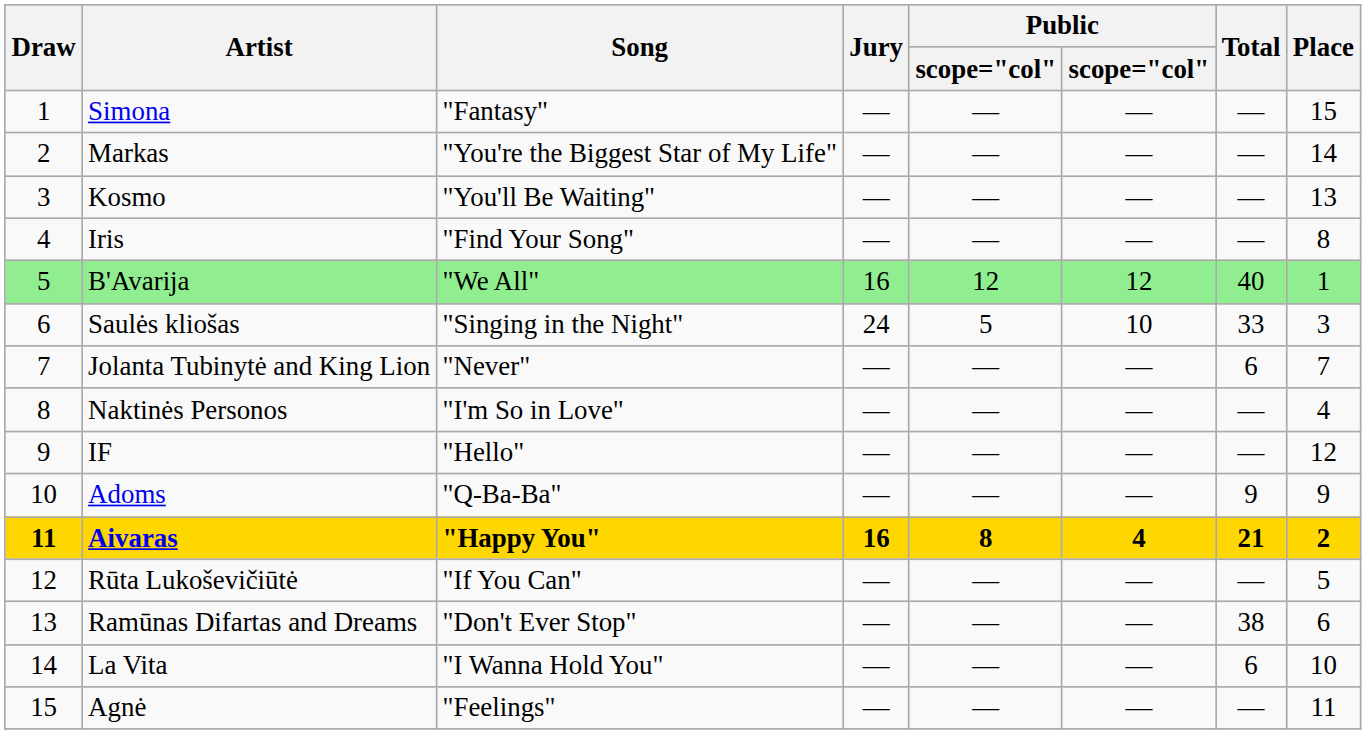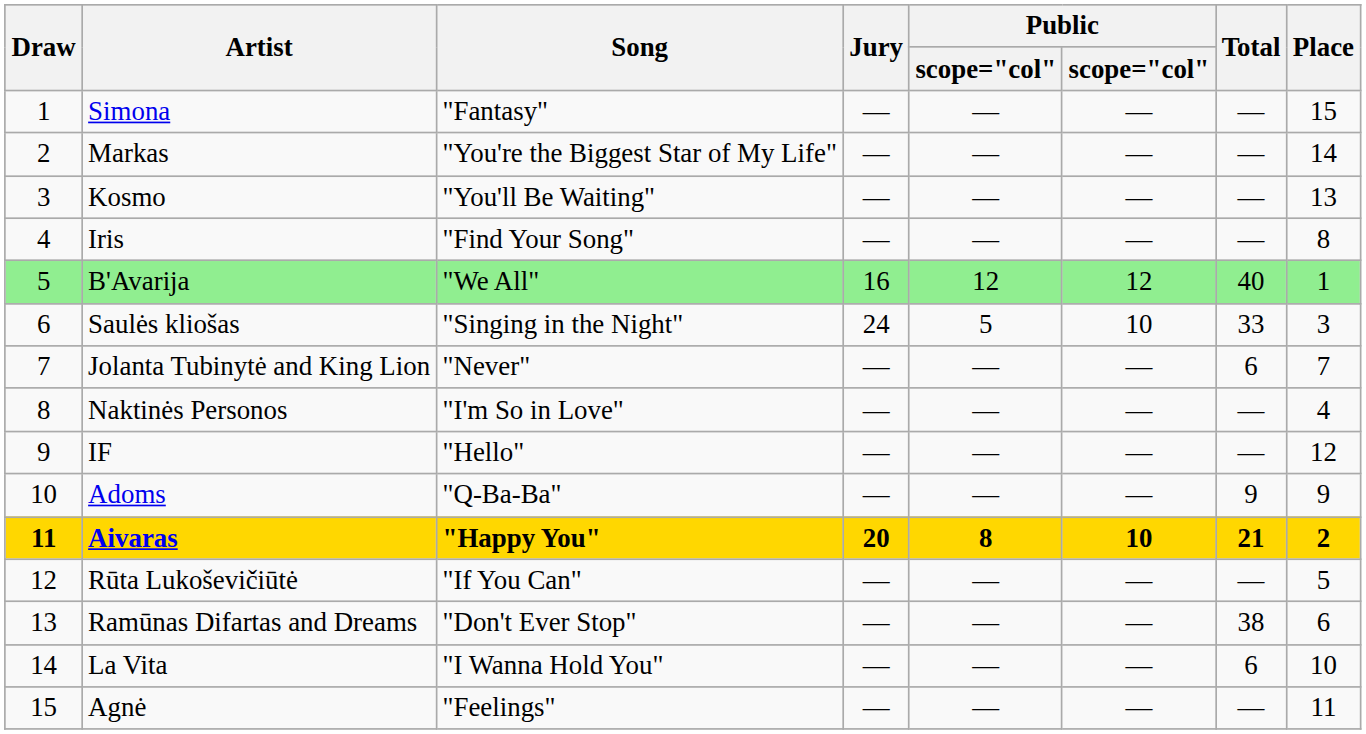 <table class="sortable wikitable" style="margin: 1em auto 1em auto; text-align:center;">
 <tr>
 <th rowspan="2">Draw</th>
 <th rowspan="2">Artist</th>
 <th rowspan="2">Song</th>
 <th rowspan="2" class="unsortable">Jury</th>
 <th colspan="2" class="unsortable">Public</th>
 <th rowspan="2" class="unsortable">Total</th>
 <th rowspan="2">Place</th>
 </tr>
 <tr>
 <th>scope="col" </th>
 <th>scope="col" </th>
 </tr>
 <tr>
 <td>1</td>
 <td align="left"><a href='#'>Simona</a></td>
 <td align="left">"Fantasy"</td>
 <td>—</td>
 <td>—</td>
 <td>—</td>
 <td>—</td>
 <td>15</td>
 </tr>
 <tr>
 <td>2</td>
 <td align="left">Markas</td>
 <td align="left">"You're the Biggest Star of My Life"</td>
 <td>—</td>
 <td>—</td>
 <td>—</td>
 <td>—</td>
 <td>14</td>
 </tr>
 <tr>
 <td>3</td>
 <td align="left">Kosmo</td>
 <td align="left">"You'll Be Waiting"</td>
 <td>—</td>
 <td>—</td>
 <td>—</td>
 <td>—</td>
 <td>13</td>
 </tr>
 <tr>
 <td>4</td>
 <td align="left">Iris</td>
 <td align="left">"Find Your Song"</td>
 <td>—</td>
 <td>—</td>
 <td>—</td>
 <td>—</td>
 <td>8</td>
 </tr>
 <tr style="background:#90EE90;">
 <td>5</td>
 <td align="left">B'Avarija</td>
 <td align="left">"We All"</td>
 <td>16</td>
 <td>12</td>
 <td>12</td>
 <td>40</td>
 <td>1</td>
 </tr>
 <tr>
 <td>6</td>
 <td align="left">Saulės kliošas</td>
 <td align="left">"Singing in the Night"</td>
 <td>24</td>
 <td>5</td>
 <td>10</td>
 <td>33</td>
 <td>3</td>
 </tr>
 <tr>
 <td>7</td>
 <td align="left">Jolanta Tubinytė and King Lion</td>
 <td align="left">"Never"</td>
 <td>—</td>
 <td>—</td>
 <td>—</td>
 <td>6</td>
 <td>7</td>
 </tr>
 <tr>
 <td>8</td>
 <td align="left">Naktinės Personos</td>
 <td align="left">"I'm So in Love"</td>
 <td>—</td>
 <td>—</td>
 <td>—</td>
 <td>—</td>
 <td>4</td>
 </tr>
 <tr>
 <td>9</td>
 <td align="left">IF</td>
 <td align="left">"Hello"</td>
 <td>—</td>
 <td>—</td>
 <td>—</td>
 <td>—</td>
 <td>12</td>
 </tr>
 <tr>
 <td>10</td>
 <td align="left"><a href='#'>Adoms</a></td>
 <td align="left">"Q-Ba-Ba"</td>
 <td>—</td>
 <td>—</td>
 <td>—</td>
 <td>9</td>
 <td>9</td>
 </tr>
 <tr style="font-weight:bold;background:gold;">
 <td>11</td>
 <td align="left"><a href='#'>Aivaras</a></td>
 <td align="left">"Happy You"</td>
-<td>16</td>
+<td>20</td>
 <td>8</td>
-<td>4</td>
+<td>10</td>
 <td>21</td>
 <td>2</td>
 </tr>
 <tr>
 <td>12</td>
 <td align="left">Rūta Lukoševičiūtė</td>
 <td align="left">"If You Can"</td>
 <td>—</td>
 <td>—</td>
 <td>—</td>
 <td>—</td>
 <td>5</td>
 </tr>
 <tr>
 <td>13</td>
 <td align="left">Ramūnas Difartas and Dreams</td>
 <td align="left">"Don't Ever Stop"</td>
 <td>—</td>
 <td>—</td>
 <td>—</td>
 <td>38</td>
 <td>6</td>
 </tr>
 <tr>
 <td>14</td>
 <td align="left">La Vita</td>
 <td align="left">"I Wanna Hold You"</td>
 <td>—</td>
 <td>—</td>
 <td>—</td>
 <td>6</td>
 <td>10</td>
 </tr>
 <tr>
 <td>15</td>
 <td align="left">Agnė</td>
 <td align="left">"Feelings"</td>
 <td>—</td>
 <td>—</td>
 <td>—</td>
 <td>—</td>
 <td>11</td>
 </tr>
 </table>
